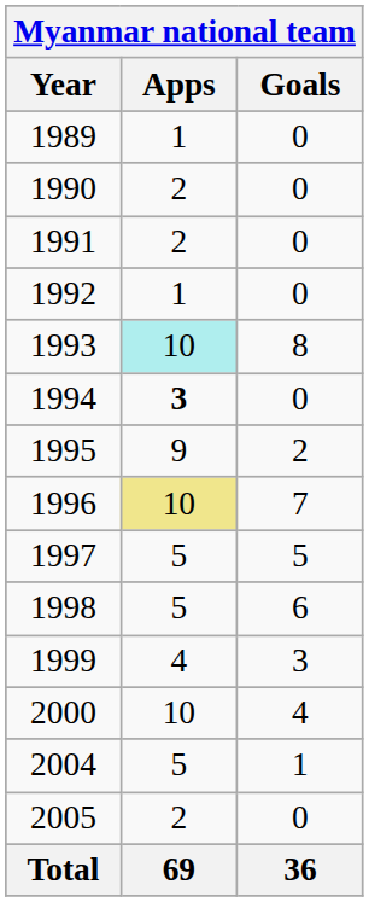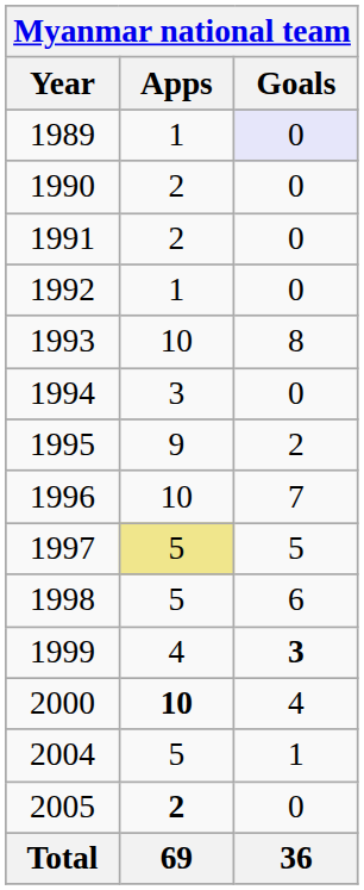 <table class="wikitable" style="text-align:center">
 <tr>
 <th colspan=3><a href='#'>Myanmar national team</a></th>
 </tr>
 <tr>
 <th>Year</th>
 <th>Apps</th>
 <th>Goals</th>
 </tr>
 <tr>
 <td>1989</td>
 <td>1</td>
-<td>0</td>
+<td style="background: lavender;">0</td>
 </tr>
 <tr>
 <td>1990</td>
 <td>2</td>
 <td>0</td>
 </tr>
 <tr>
 <td>1991</td>
 <td>2</td>
 <td>0</td>
 </tr>
 <tr>
 <td>1992</td>
 <td>1</td>
 <td>0</td>
 </tr>
 <tr>
 <td>1993</td>
-<td style="background: paleturquoise;">10</td>
+<td>10</td>
 <td>8</td>
 </tr>
 <tr>
 <td>1994</td>
-<td><strong>3</strong></td>
+<td>3</td>
 <td>0</td>
 </tr>
 <tr>
 <td>1995</td>
 <td>9</td>
 <td>2</td>
 </tr>
 <tr>
 <td>1996</td>
-<td style="background: khaki;">10</td>
+<td>10</td>
 <td>7</td>
 </tr>
 <tr>
 <td>1997</td>
-<td>5</td>
+<td style="background: khaki;">5</td>
 <td>5</td>
 </tr>
 <tr>
 <td>1998</td>
 <td>5</td>
 <td>6</td>
 </tr>
 <tr>
 <td>1999</td>
 <td>4</td>
-<td>3</td>
+<td><strong>3</strong></td>
 </tr>
 <tr>
 <td>2000</td>
-<td>10</td>
+<td><strong>10</strong></td>
 <td>4</td>
 </tr>
 <tr>
 <td>2004</td>
 <td>5</td>
 <td>1</td>
 </tr>
 <tr>
 <td>2005</td>
-<td>2</td>
+<td><strong>2</strong></td>
 <td>0</td>
 </tr>
 <tr>
 <th>Total</th>
 <th>69</th>
 <th>36</th>
 </tr>
 </table>
